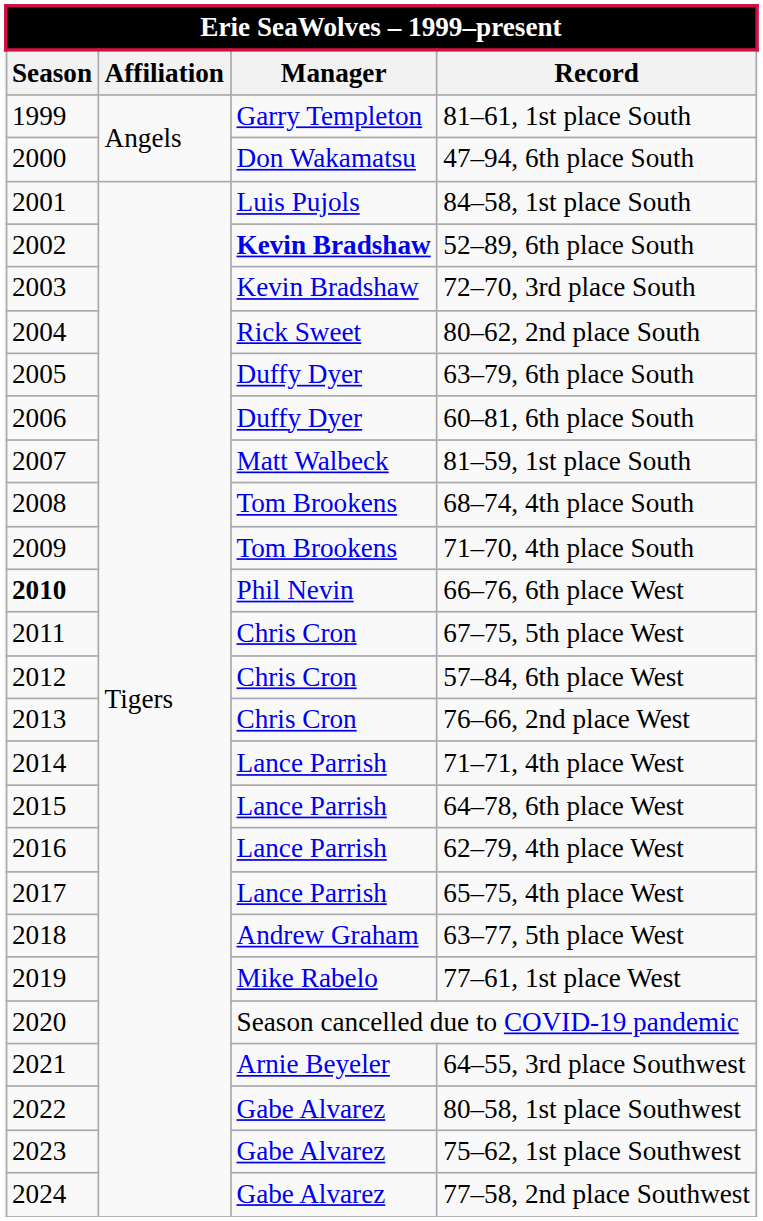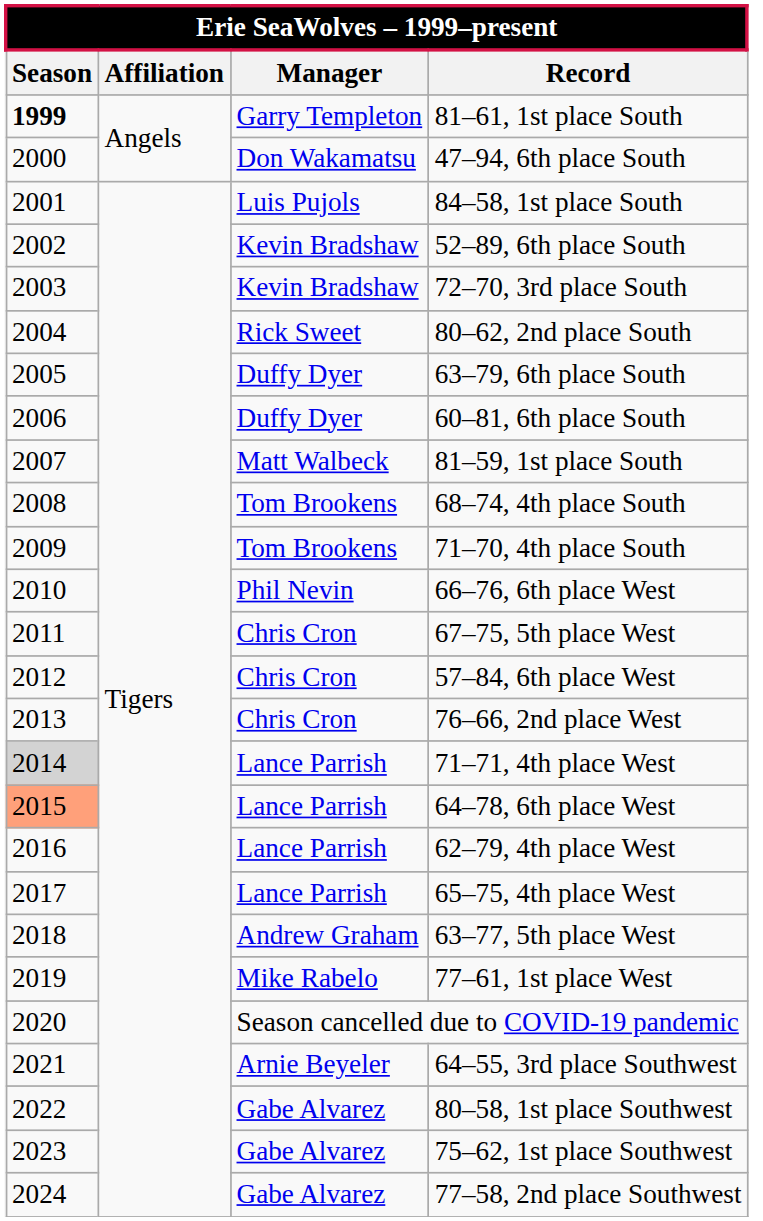 <table class="wikitable">
 <tr>
 <th colspan=5 style="background:#000; color:white; border: 2px solid #D31145;">Erie SeaWolves – 1999–present</th>
 </tr>
 <tr>
 <th>Season</th>
 <th>Affiliation</th>
 <th>Manager</th>
 <th>Record</th>
 </tr>
 <tr>
-<td>1999</td>
+<td><strong>1999</strong></td>
 <td rowspan=2>Angels</td>
 <td><a href='#'>Garry Templeton</a></td>
 <td>81–61, 1st place South</td>
 </tr>
 <tr>
 <td>2000</td>
 <td><a href='#'>Don Wakamatsu</a></td>
 <td>47–94, 6th place South</td>
 </tr>
 <tr>
 <td>2001</td>
 <td rowspan=24>Tigers</td>
 <td><a href='#'>Luis Pujols</a></td>
 <td>84–58, 1st place South</td>
 </tr>
 <tr>
 <td>2002</td>
-<td><strong><a href='#'>Kevin Bradshaw</a></strong></td>
+<td><a href='#'>Kevin Bradshaw</a></td>
 <td>52–89, 6th place South</td>
 </tr>
 <tr>
 <td>2003</td>
 <td><a href='#'>Kevin Bradshaw</a></td>
 <td>72–70, 3rd place South</td>
 </tr>
 <tr>
 <td>2004</td>
 <td><a href='#'>Rick Sweet</a></td>
 <td>80–62, 2nd place South</td>
 </tr>
 <tr>
 <td>2005</td>
 <td><a href='#'>Duffy Dyer</a></td>
 <td>63–79, 6th place South</td>
 </tr>
 <tr>
 <td>2006</td>
 <td><a href='#'>Duffy Dyer</a></td>
 <td>60–81, 6th place South</td>
 </tr>
 <tr>
 <td>2007</td>
 <td><a href='#'>Matt Walbeck</a></td>
 <td>81–59, 1st place South</td>
 </tr>
 <tr>
 <td>2008</td>
 <td><a href='#'>Tom Brookens</a></td>
 <td>68–74, 4th place South</td>
 </tr>
 <tr>
 <td>2009</td>
 <td><a href='#'>Tom Brookens</a></td>
 <td>71–70, 4th place South</td>
 </tr>
 <tr>
-<td><strong>2010</strong></td>
+<td>2010</td>
 <td><a href='#'>Phil Nevin</a></td>
 <td>66–76, 6th place West</td>
 </tr>
 <tr>
 <td>2011</td>
 <td><a href='#'>Chris Cron</a></td>
 <td>67–75, 5th place West</td>
 </tr>
 <tr>
 <td>2012</td>
 <td><a href='#'>Chris Cron</a></td>
 <td>57–84, 6th place West</td>
 </tr>
 <tr>
 <td>2013</td>
 <td><a href='#'>Chris Cron</a></td>
 <td>76–66, 2nd place West</td>
 </tr>
 <tr>
-<td>2014</td>
+<td style="background: lightgrey;">2014</td>
 <td><a href='#'>Lance Parrish</a></td>
 <td>71–71, 4th place West</td>
 </tr>
 <tr>
-<td>2015</td>
+<td style="background: lightsalmon;">2015</td>
 <td><a href='#'>Lance Parrish</a></td>
 <td>64–78, 6th place West</td>
 </tr>
 <tr>
 <td>2016</td>
 <td><a href='#'>Lance Parrish</a></td>
 <td>62–79, 4th place West</td>
 </tr>
 <tr>
 <td>2017</td>
 <td><a href='#'>Lance Parrish</a></td>
 <td>65–75, 4th place West</td>
 </tr>
 <tr>
 <td>2018</td>
 <td><a href='#'>Andrew Graham</a></td>
 <td>63–77, 5th place West</td>
 </tr>
 <tr>
 <td>2019</td>
 <td><a href='#'>Mike Rabelo</a></td>
 <td>77–61, 1st place West</td>
 </tr>
 <tr>
 <td>2020</td>
 <td colspan="4">Season cancelled due to <a href='#'>COVID-19 pandemic</a></td>
 </tr>
 <tr>
 <td>2021</td>
 <td><a href='#'>Arnie Beyeler</a></td>
 <td>64–55, 3rd place Southwest</td>
 </tr>
 <tr>
 <td>2022</td>
 <td><a href='#'>Gabe Alvarez</a></td>
 <td>80–58, 1st place Southwest</td>
 </tr>
 <tr>
 <td>2023</td>
 <td><a href='#'>Gabe Alvarez</a></td>
 <td>75–62, 1st place Southwest</td>
 </tr>
 <tr>
 <td>2024</td>
 <td><a href='#'>Gabe Alvarez</a></td>
 <td>77–58, 2nd place Southwest</td>
 </tr>
 </table>
